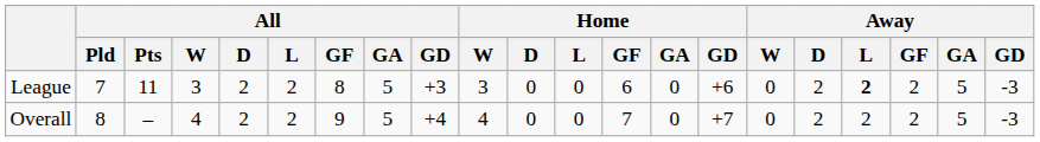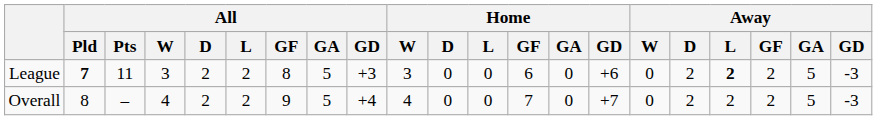 <table class="wikitable" style="text-align:center">
 <tr>
 <th rowspan=2></th>
 <th colspan=8>All</th>
 <th colspan=6>Home</th>
 <th colspan=6>Away</th>
 </tr>
 <tr>
 <th width=30>Pld</th>
 <th width=30>Pts</th>
 <th width=30>W</th>
 <th width=30>D</th>
 <th width=30>L</th>
 <th width=30>GF</th>
 <th width=30>GA</th>
 <th width=30>GD</th>
 <th width=30>W</th>
 <th width=30>D</th>
 <th width=30>L</th>
 <th width=30>GF</th>
 <th width=30>GA</th>
 <th width=30>GD</th>
 <th width=30>W</th>
 <th width=30>D</th>
 <th width=30>L</th>
 <th width=30>GF</th>
 <th width=30>GA</th>
 <th width=30>GD</th>
 </tr>
 <tr>
 <td>League</td>
-<td>7</td>
+<td><strong>7</strong></td>
 <td>11</td>
 <td>3</td>
 <td>2</td>
 <td>2</td>
 <td>8</td>
 <td>5</td>
 <td>+3</td>
 <td>3</td>
 <td>0</td>
 <td>0</td>
 <td>6</td>
 <td>0</td>
 <td>+6</td>
 <td>0</td>
 <td>2</td>
 <td><strong>2</strong></td>
 <td>2</td>
 <td>5</td>
 <td>-3</td>
 </tr>
 <tr>
 <td>Overall</td>
 <td>8</td>
 <td>–</td>
 <td>4</td>
 <td>2</td>
 <td>2</td>
 <td>9</td>
 <td>5</td>
 <td>+4</td>
 <td>4</td>
 <td>0</td>
 <td>0</td>
 <td>7</td>
 <td>0</td>
 <td>+7</td>
 <td>0</td>
 <td>2</td>
 <td>2</td>
 <td>2</td>
 <td>5</td>
 <td>-3</td>
 </tr>
 </table>
